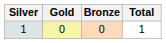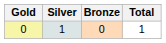 <table class=wikitable style="border:1px solid #AAAAAA">
 <tr bgcolor="#EFEFEF">
+<th width=50>Gold</th>
 <th width=50>Silver</th>
-<th width=50>Gold</th>
 <th width=50>Bronze</th>
 <th width=50>Total</th>
 </tr>
 <tr align="center" bgcolor="#FFFFFF">
+<td style="background:#F7F6A8;">0</td>
 <td style="background:#DCE5E5;">1</td>
-<td style="background:#F7F6A8;">0</td>
 <td style="background:#FFDAB9;">0</td>
 <td>1</td>
 </tr>
 </table>
